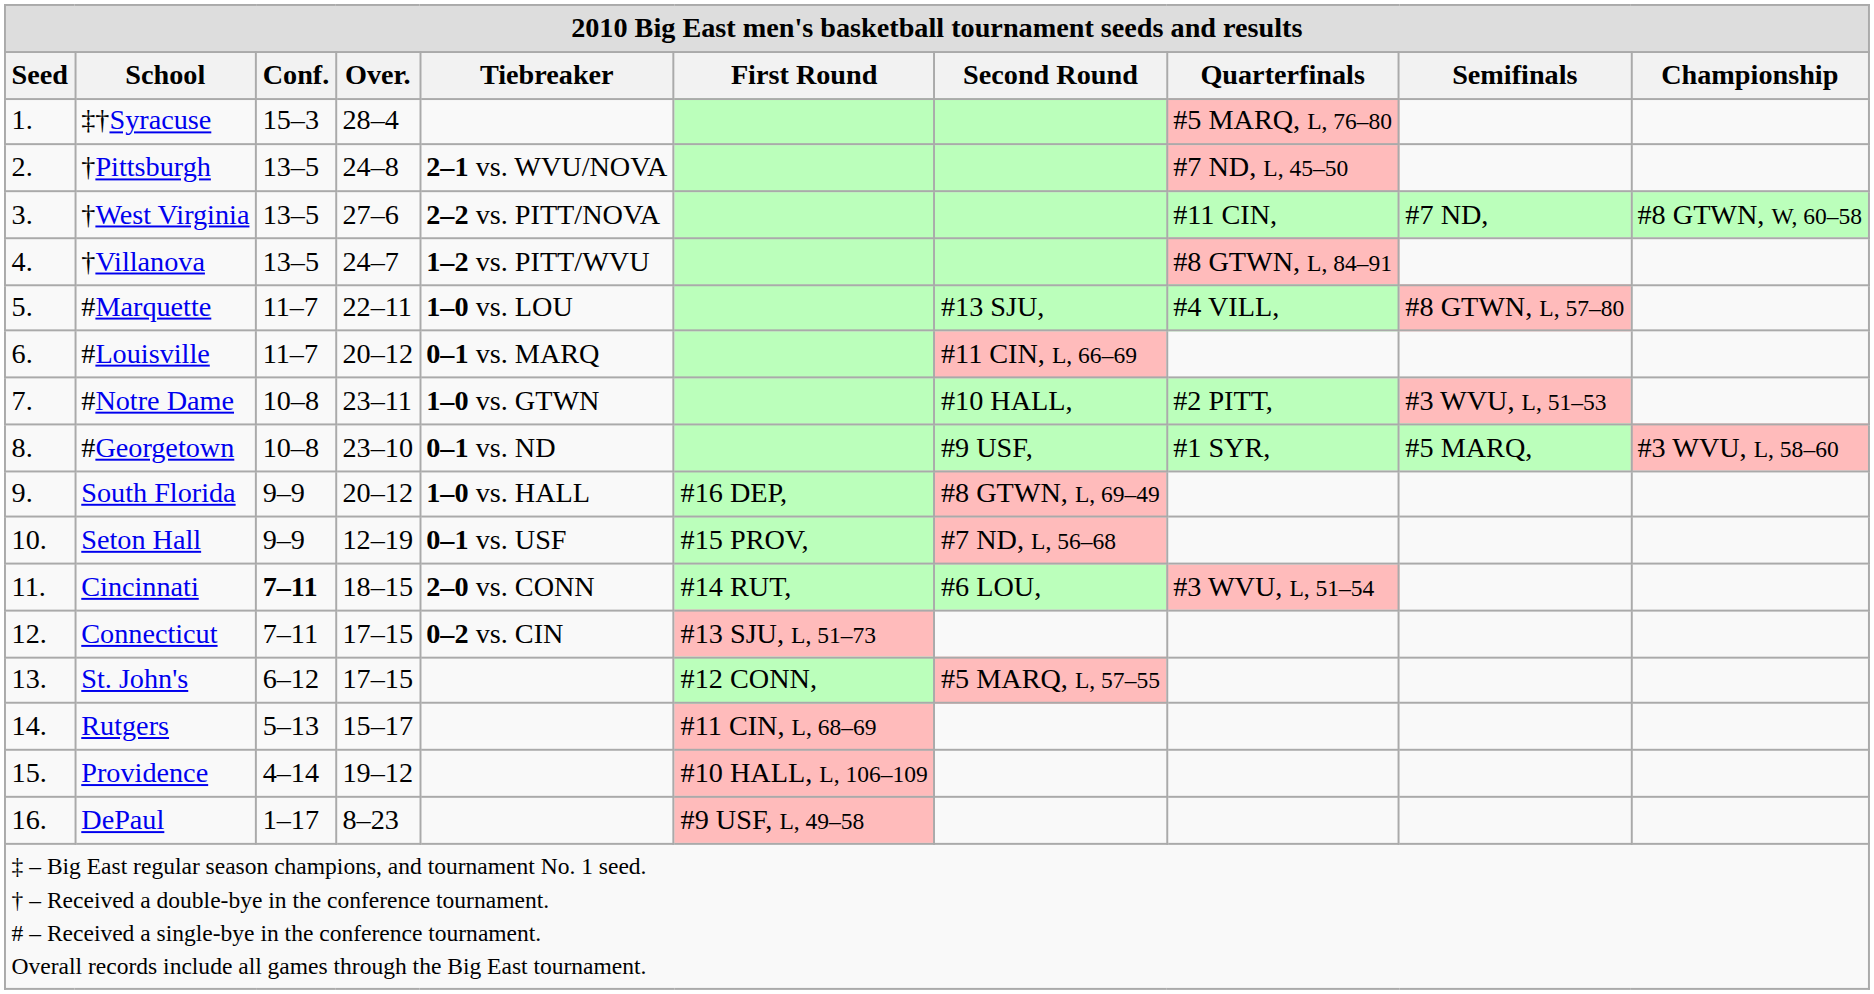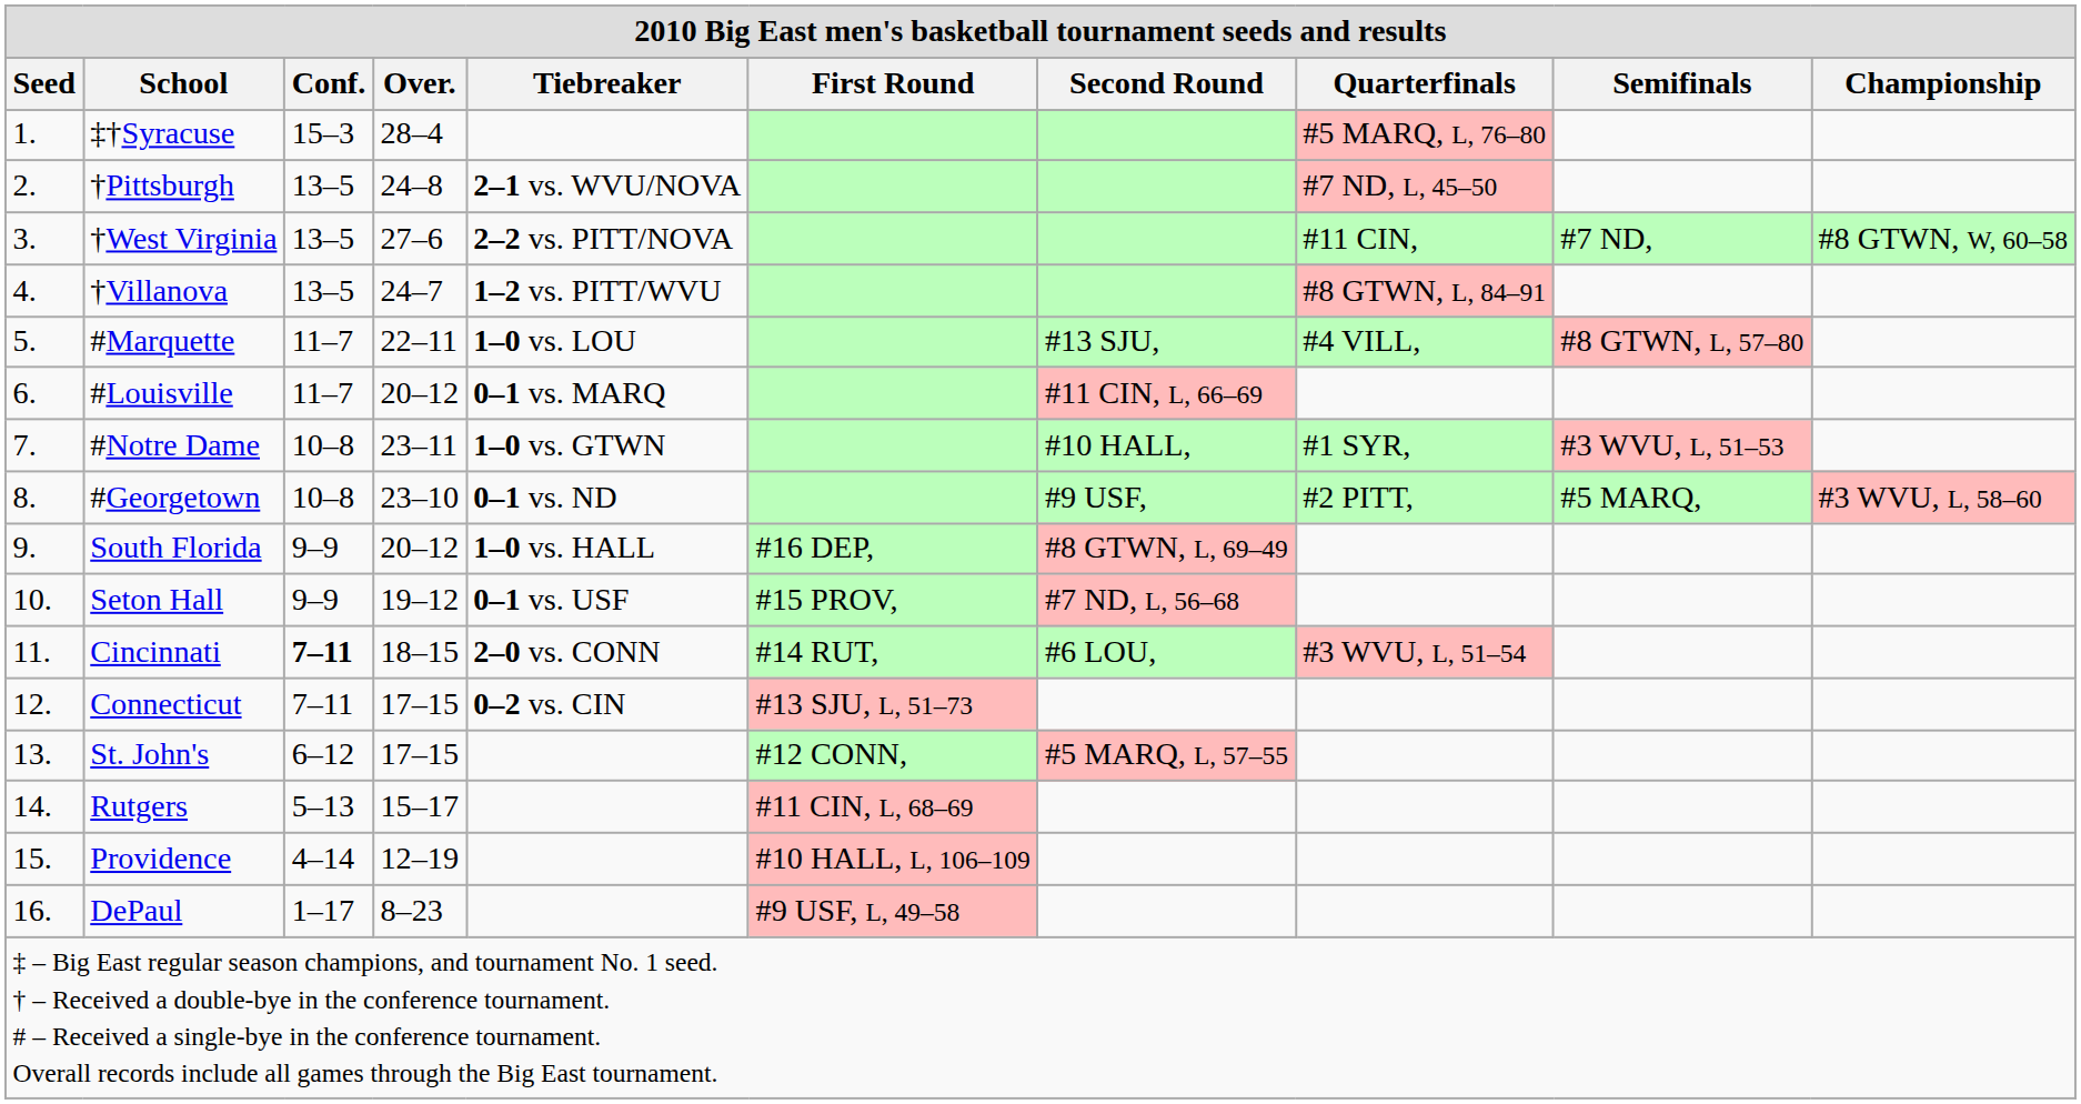 <table class="wikitable" style="white-space:nowrap; font-size:90%;">
 <tr>
 <td colspan="10" style="text-align:center; background:#ddd; font:#000;"><strong>2010 Big East men's basketball tournament seeds and results</strong></td>
 </tr>
 <tr style="background:#efefef;">
 <th>Seed</th>
 <th>School</th>
 <th>Conf.</th>
 <th>Over.</th>
 <th>Tiebreaker</th>
 <th>First Round<br></th>
 <th>Second Round<br></th>
 <th>Quarterfinals<br></th>
 <th>Semifinals<br></th>
 <th>Championship<br></th>
 </tr>
 <tr>
 <td>1.</td>
 <td>‡†<a href='#'>Syracuse</a></td>
 <td>15–3</td>
 <td>28–4</td>
 <td></td>
 <td style="background:#bfb;"></td>
 <td style="background:#bfb;"></td>
 <td style="background:#fbb;">#5 MARQ, <small>L, 76–80</small></td>
 <td></td>
 <td></td>
 </tr>
 <tr>
 <td>2.</td>
 <td>†<a href='#'>Pittsburgh</a></td>
 <td>13–5</td>
 <td>24–8</td>
 <td><strong>2–1</strong> vs. WVU/NOVA</td>
 <td style="background:#bfb;"></td>
 <td style="background:#bfb;"></td>
 <td style="background:#fbb;">#7 ND, <small>L, 45–50</small></td>
 <td></td>
 <td></td>
 </tr>
 <tr>
 <td>3.</td>
 <td>†<a href='#'>West Virginia</a></td>
 <td>13–5</td>
 <td>27–6</td>
 <td><strong>2–2</strong> vs. PITT/NOVA</td>
 <td style="background:#bfb;"></td>
 <td style="background:#bfb;"></td>
 <td style="background:#bfb;">#11 CIN, </td>
 <td style="background:#bfb;">#7 ND, </td>
 <td style="background:#bfb;">#8 GTWN, <small>W, 60–58</small></td>
 </tr>
 <tr>
 <td>4.</td>
 <td>†<a href='#'>Villanova</a></td>
 <td>13–5</td>
 <td>24–7</td>
 <td><strong>1–2</strong> vs. PITT/WVU</td>
 <td style="background:#bfb;"></td>
 <td style="background:#bfb;"></td>
 <td style="background:#fbb;">#8 GTWN, <small>L, 84–91</small></td>
 <td></td>
 <td></td>
 </tr>
 <tr>
 <td>5.</td>
 <td>#<a href='#'>Marquette</a></td>
 <td>11–7</td>
 <td>22–11</td>
 <td><strong>1–0</strong> vs. LOU</td>
 <td style="background:#bfb;"></td>
 <td style="background:#bfb;">#13 SJU, </td>
 <td style="background:#bfb;">#4 VILL, </td>
 <td style="background:#fbb;">#8 GTWN, <small>L, 57–80</small></td>
 <td></td>
 </tr>
 <tr>
 <td>6.</td>
 <td>#<a href='#'>Louisville</a></td>
 <td>11–7</td>
 <td>20–12</td>
 <td><strong>0–1</strong> vs. MARQ</td>
 <td style="background:#bfb;"></td>
 <td style="background:#fbb;">#11 CIN, <small>L, 66–69</small></td>
 <td></td>
 <td></td>
 <td></td>
 </tr>
 <tr>
 <td>7.</td>
 <td>#<a href='#'>Notre Dame</a></td>
 <td>10–8</td>
 <td>23–11</td>
 <td><strong>1–0</strong> vs. GTWN</td>
 <td style="background:#bfb;"></td>
 <td style="background:#bfb;">#10 HALL, </td>
-<td style="background:#bfb;">#2 PITT, </td>
+<td style="background:#bfb;">#1 SYR, </td>
 <td style="background:#fbb;">#3 WVU, <small>L, 51–53</small></td>
 <td></td>
 </tr>
 <tr>
 <td>8.</td>
 <td>#<a href='#'>Georgetown</a></td>
 <td>10–8</td>
 <td>23–10</td>
 <td><strong>0–1</strong> vs. ND</td>
 <td style="background:#bfb;"></td>
 <td style="background:#bfb;">#9 USF, </td>
-<td style="background:#bfb;">#1 SYR, </td>
+<td style="background:#bfb;">#2 PITT, </td>
 <td style="background:#bfb;">#5 MARQ, </td>
 <td style="background:#fbb;">#3 WVU, <small>L, 58–60</small></td>
 </tr>
 <tr>
 <td>9.</td>
 <td><a href='#'>South Florida</a></td>
 <td>9–9</td>
 <td>20–12</td>
 <td><strong>1–0</strong> vs. HALL</td>
 <td style="background:#bfb;">#16 DEP, </td>
 <td style="background:#fbb;">#8 GTWN, <small>L, 69–49</small></td>
 <td></td>
 <td></td>
 <td></td>
 </tr>
 <tr>
 <td>10.</td>
 <td><a href='#'>Seton Hall</a></td>
 <td>9–9</td>
-<td>12–19</td>
+<td>19–12</td>
 <td><strong>0–1</strong> vs. USF</td>
 <td style="background:#bfb;">#15 PROV, </td>
 <td style="background:#fbb;">#7 ND, <small>L, 56–68</small></td>
 <td></td>
 <td></td>
 <td></td>
 </tr>
 <tr>
 <td>11.</td>
 <td><a href='#'>Cincinnati</a></td>
 <td><strong>7–11</strong></td>
 <td>18–15</td>
 <td><strong>2–0</strong> vs. CONN</td>
 <td style="background:#bfb;">#14 RUT, </td>
 <td style="background:#bfb;">#6 LOU, </td>
 <td style="background:#fbb;">#3 WVU, <small>L, 51–54</small></td>
 <td></td>
 <td></td>
 </tr>
 <tr>
 <td>12.</td>
 <td><a href='#'>Connecticut</a></td>
 <td>7–11</td>
 <td>17–15</td>
 <td><strong>0–2</strong> vs. CIN</td>
 <td style="background:#fbb;">#13 SJU, <small>L, 51–73</small></td>
 <td></td>
 <td></td>
 <td></td>
 <td></td>
 </tr>
 <tr>
 <td>13.</td>
 <td><a href='#'>St. John's</a></td>
 <td>6–12</td>
 <td>17–15</td>
 <td></td>
 <td style="background:#bfb;">#12 CONN, </td>
 <td style="background:#fbb;">#5 MARQ, <small>L, 57–55</small></td>
 <td></td>
 <td></td>
 <td></td>
 </tr>
 <tr>
 <td>14.</td>
 <td><a href='#'>Rutgers</a></td>
 <td>5–13</td>
 <td>15–17</td>
 <td></td>
 <td style="background:#fbb;">#11 CIN, <small>L, 68–69</small></td>
 <td></td>
 <td></td>
 <td></td>
 <td></td>
 </tr>
 <tr>
 <td>15.</td>
 <td><a href='#'>Providence</a></td>
 <td>4–14</td>
-<td>19–12</td>
+<td>12–19</td>
 <td></td>
 <td style="background:#fbb;">#10 HALL, <small>L, 106–109</small></td>
 <td></td>
 <td></td>
 <td></td>
 <td></td>
 </tr>
 <tr>
 <td>16.</td>
 <td><a href='#'>DePaul</a></td>
 <td>1–17</td>
 <td>8–23</td>
 <td></td>
 <td style="background:#fbb;">#9 USF, <small>L, 49–58</small></td>
 <td></td>
 <td></td>
 <td></td>
 <td></td>
 </tr>
 <tr>
 <td colspan="10" style="text-align:left;"><small>‡ – Big East regular season champions, and tournament No. 1 seed. <br>† – Received a double-bye in the conference tournament.<br># – Received a single-bye in the conference tournament. <br>Overall records include all games through the Big East tournament.</small></td>
 </tr>
 </table>
